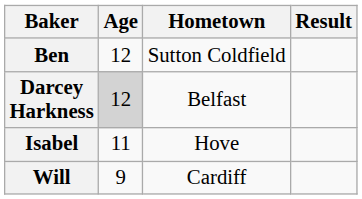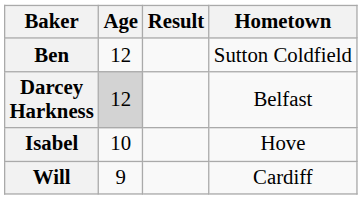 <table class="wikitable sortable" style="display:inline-table; text-align:center">
 <tr>
 <th scope="col">Baker</th>
 <th scope="col">Age</th>
+<th scope="col">Result</th>
 <th scope="col">Hometown</th>
-<th scope="col">Result</th>
 </tr>
 <tr>
 <th scope="row">Ben</th>
 <td>12</td>
+<td></td>
 <td>Sutton Coldfield</td>
-<td></td>
 </tr>
 <tr>
 <th scope="row">Darcey<br>Harkness</th>
 <td style="background: lightgrey;">12</td>
+<td></td>
 <td>Belfast</td>
-<td></td>
 </tr>
 <tr>
 <th scope="row">Isabel</th>
-<td>11</td>
+<td>10</td>
+<td></td>
 <td>Hove</td>
-<td></td>
 </tr>
 <tr>
 <th scope="row">Will</th>
 <td>9</td>
+<td></td>
 <td>Cardiff</td>
-<td></td>
 </tr>
 </table>
